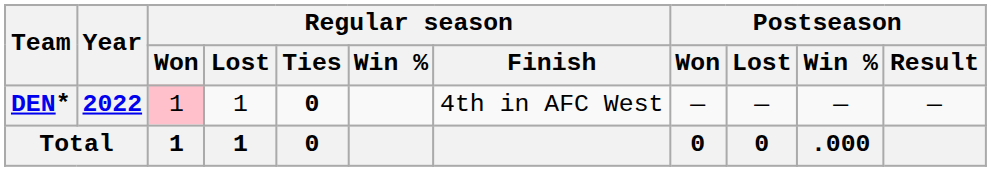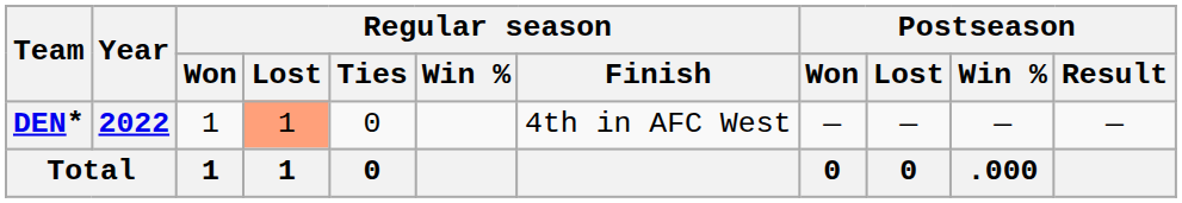 <table class="wikitable" style="font-size: 95%; text-align:center;">
 <tr>
 <th rowspan="2">Team</th>
 <th rowspan="2">Year</th>
 <th colspan="5">Regular season</th>
 <th colspan="4">Postseason</th>
 </tr>
 <tr>
 <th>Won</th>
 <th>Lost</th>
 <th>Ties</th>
 <th>Win %</th>
 <th>Finish</th>
 <th>Won</th>
 <th>Lost</th>
 <th>Win %</th>
 <th>Result</th>
 </tr>
 <tr>
 <th><a href='#'>DEN</a>*</th>
 <th><a href='#'>2022</a></th>
-<td style="background: pink;">1</td>
 <td>1</td>
-<td><strong>0</strong></td>
+<td style="background: lightsalmon;">1</td>
+<td>0</td>
 <td></td>
 <td>4th in AFC West</td>
 <td>—</td>
 <td>—</td>
 <td>—</td>
 <td>—</td>
 </tr>
 <tr>
 <th colspan="2">Total</th>
 <th>1</th>
 <th>1</th>
 <th>0</th>
 <th></th>
 <th></th>
 <th>0</th>
 <th>0</th>
 <th>.000</th>
 <th></th>
 </tr>
 </table>
